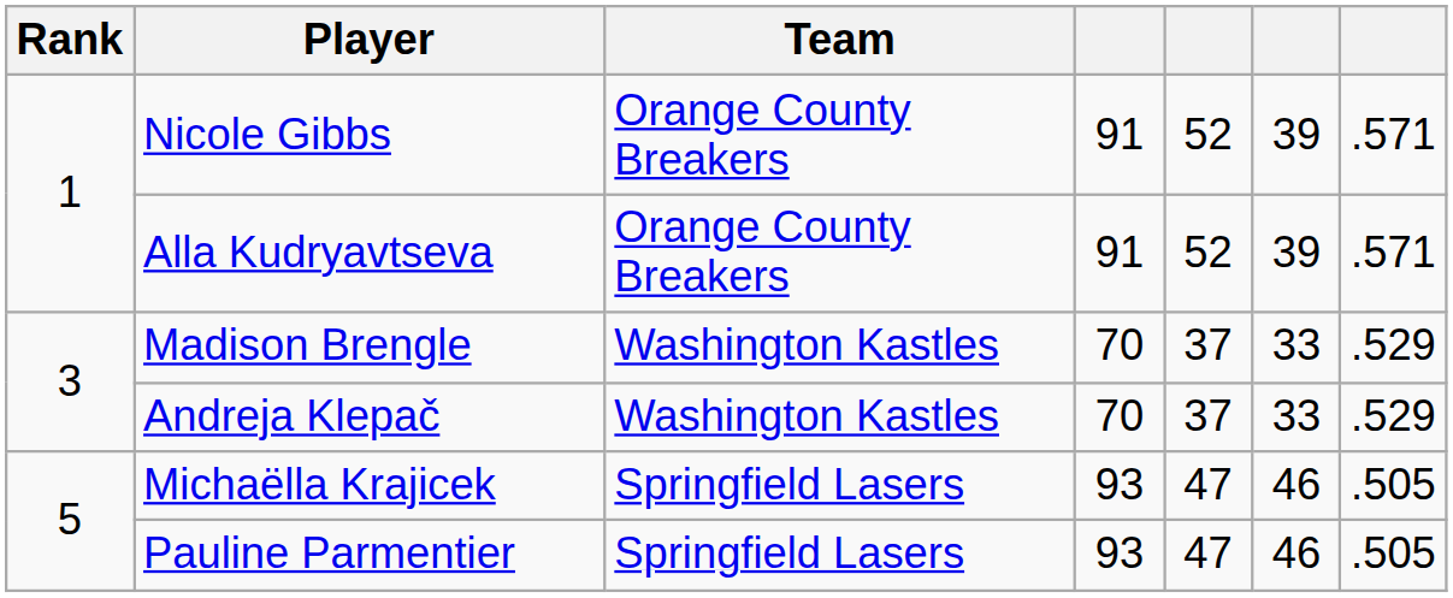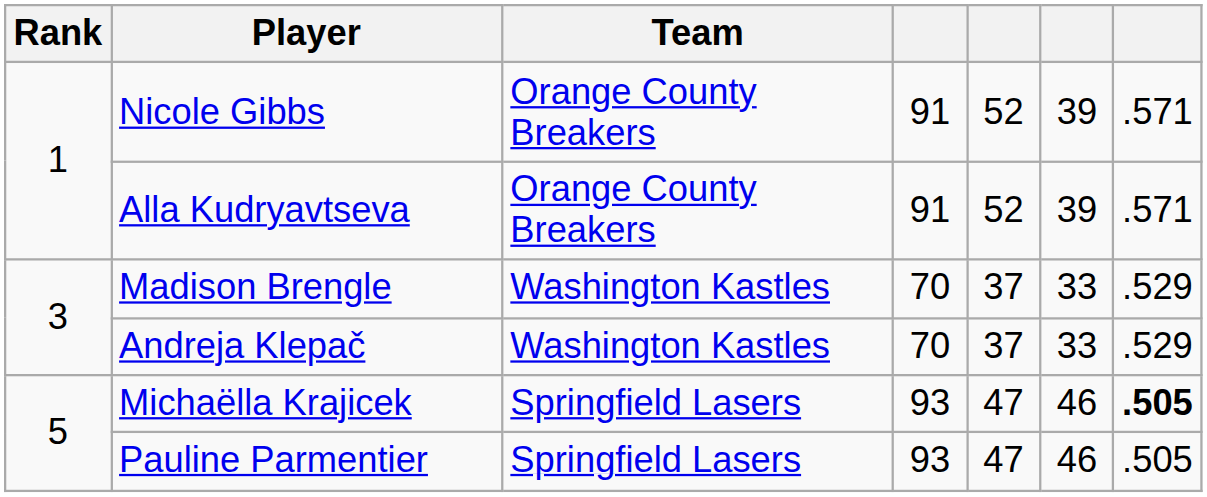 <table class="wikitable" style="text-align:left">
 <tr>
 <th width="25px">Rank</th>
 <th width="165px">Player</th>
 <th width="165px">Team</th>
 <th width="25px"></th>
 <th width="25px"></th>
 <th width="25px"></th>
 <th width="25px"></th>
 </tr>
 <tr>
 <td rowspan="2" style="text-align:center">1</td>
 <td><a href='#'>Nicole Gibbs</a></td>
 <td><a href='#'>Orange County Breakers</a></td>
 <td style="text-align:center">91</td>
 <td style="text-align:center">52</td>
 <td style="text-align:center">39</td>
 <td style="text-align:center">.571</td>
 </tr>
 <tr>
 <td><a href='#'>Alla Kudryavtseva</a></td>
 <td><a href='#'>Orange County Breakers</a></td>
 <td style="text-align:center">91</td>
 <td style="text-align:center">52</td>
 <td style="text-align:center">39</td>
 <td style="text-align:center">.571</td>
 </tr>
 <tr>
 <td rowspan="2" style="text-align:center">3</td>
 <td><a href='#'>Madison Brengle</a></td>
 <td><a href='#'>Washington Kastles</a></td>
 <td style="text-align:center">70</td>
 <td style="text-align:center">37</td>
 <td style="text-align:center">33</td>
 <td style="text-align:center">.529</td>
 </tr>
 <tr>
 <td><a href='#'>Andreja Klepač</a></td>
 <td><a href='#'>Washington Kastles</a></td>
 <td style="text-align:center">70</td>
 <td style="text-align:center">37</td>
 <td style="text-align:center">33</td>
 <td style="text-align:center">.529</td>
 </tr>
 <tr>
 <td rowspan="2" style="text-align:center">5</td>
 <td><a href='#'>Michaëlla Krajicek</a></td>
 <td><a href='#'>Springfield Lasers</a></td>
 <td style="text-align:center">93</td>
 <td style="text-align:center">47</td>
 <td style="text-align:center">46</td>
-<td style="text-align:center">.505</td>
+<td style="text-align:center"><strong>.505</strong></td>
 </tr>
 <tr>
 <td><a href='#'>Pauline Parmentier</a></td>
 <td><a href='#'>Springfield Lasers</a></td>
 <td style="text-align:center">93</td>
 <td style="text-align:center">47</td>
 <td style="text-align:center">46</td>
 <td style="text-align:center">.505</td>
 </tr>
 </table>
